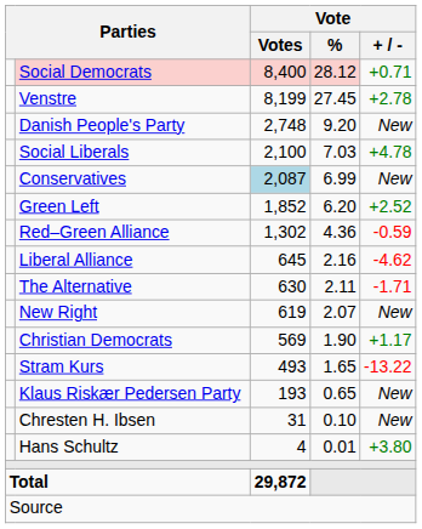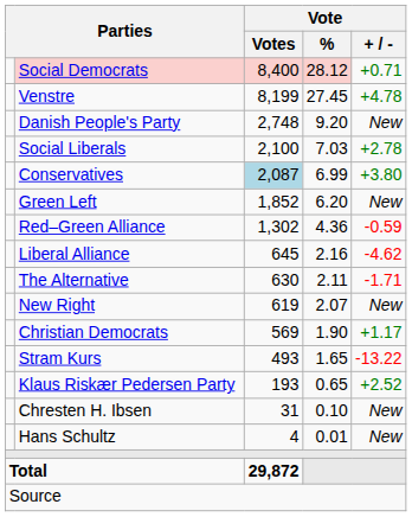 <table class="wikitable" style="text-align:right;">
 <tr>
 <th style="text-align:centre;" rowspan="2" colspan="2" width="225">Parties</th>
 <th colspan="3">Vote</th>
 </tr>
 <tr>
 <th width="15">Votes</th>
 <th width="15">%</th>
 <th width="15">+ / -</th>
 </tr>
 <tr>
 <td width="2" style="color:inherit;background:"></td>
 <td bgcolor=#fbd0ce  align="left"><a href='#'>Social Democrats</a></td>
 <td bgcolor=#fbd0ce>8,400</td>
 <td bgcolor=#fbd0ce>28.12</td>
 <td style=color:green;>+0.71</td>
 </tr>
 <tr>
 <td width="2" style="color:inherit;background:"></td>
 <td align="left"><a href='#'>Venstre</a></td>
 <td>8,199</td>
 <td>27.45</td>
-<td style=color:green;>+2.78</td>
+<td style=color:green;>+4.78</td>
 </tr>
 <tr>
 <td width="2" style="color:inherit;background:"></td>
 <td align="left"><a href='#'>Danish People's Party</a></td>
 <td>2,748</td>
 <td>9.20</td>
 <td><em>New</em></td>
 </tr>
 <tr>
 <td width="2" style="color:inherit;background:"></td>
 <td align="left"><a href='#'>Social Liberals</a></td>
 <td>2,100</td>
 <td>7.03</td>
-<td style=color:green;>+4.78</td>
+<td style=color:green;>+2.78</td>
 </tr>
 <tr>
 <td width="2" style="color:inherit;background:"></td>
 <td align="left"><a href='#'>Conservatives</a></td>
 <td style="background: lightblue;">2,087</td>
 <td>6.99</td>
-<td><em>New</em></td>
+<td style=color:green;>+3.80</td>
 </tr>
 <tr>
 <td width="2" style="color:inherit;background:"></td>
 <td align="left"><a href='#'>Green Left</a></td>
 <td>1,852</td>
 <td>6.20</td>
-<td style=color:green;>+2.52</td>
+<td><em>New</em></td>
 </tr>
 <tr>
 <td width="2" style="color:inherit;background:"></td>
 <td align="left"><a href='#'>Red–Green Alliance</a></td>
 <td>1,302</td>
 <td>4.36</td>
 <td style=color:red;>-0.59</td>
 </tr>
 <tr>
 <td width="2" style="color:inherit;background:"></td>
 <td align="left"><a href='#'>Liberal Alliance</a></td>
 <td>645</td>
 <td>2.16</td>
 <td style=color:red;>-4.62</td>
 </tr>
 <tr>
 <td width="2" style="color:inherit;background:"></td>
 <td align="left"><a href='#'>The Alternative</a></td>
 <td>630</td>
 <td>2.11</td>
 <td style=color:red;>-1.71</td>
 </tr>
 <tr>
 <td width="2" style="color:inherit;background:"></td>
 <td align="left"><a href='#'>New Right</a></td>
 <td>619</td>
 <td>2.07</td>
 <td><em>New</em></td>
 </tr>
 <tr>
 <td width="2" style="color:inherit;background:"></td>
 <td align="left"><a href='#'>Christian Democrats</a></td>
 <td>569</td>
 <td>1.90</td>
 <td style=color:green;>+1.17</td>
 </tr>
 <tr>
 <td width="2" style="color:inherit;background:"></td>
 <td align="left"><a href='#'>Stram Kurs</a></td>
 <td>493</td>
 <td>1.65</td>
 <td style=color:red;>-13.22</td>
 </tr>
 <tr>
 <td width="2" style="color:inherit;background:"></td>
 <td align="left"><a href='#'>Klaus Riskær Pedersen Party</a></td>
 <td>193</td>
 <td>0.65</td>
-<td><em>New</em></td>
+<td style=color:green;>+2.52</td>
 </tr>
 <tr>
 <td width="2" style="color:inherit;background:"></td>
 <td align="left">Chresten H. Ibsen</td>
 <td>31</td>
 <td>0.10</td>
 <td><em>New</em></td>
 </tr>
 <tr>
 <td width="2" style="color:inherit;background:"></td>
 <td align="left">Hans Schultz</td>
 <td>4</td>
 <td>0.01</td>
-<td style=color:green;>+3.80</td>
+<td><em>New</em></td>
 </tr>
 <tr>
 <td colspan="7" bgcolor="#E9E9E9"></td>
 </tr>
 <tr>
 <td align="left" colspan="2"><strong>Total</strong></td>
 <td><strong>29,872</strong></td>
 <td bgcolor="#E9E9E9" colspan="2"></td>
 </tr>
 <tr>
 <td align="left" colspan="6">Source</td>
 </tr>
 </table>
